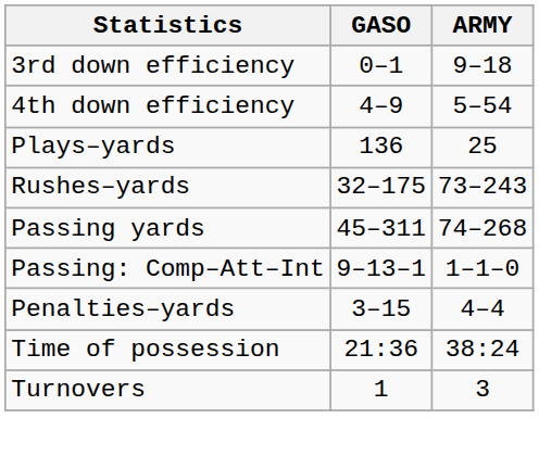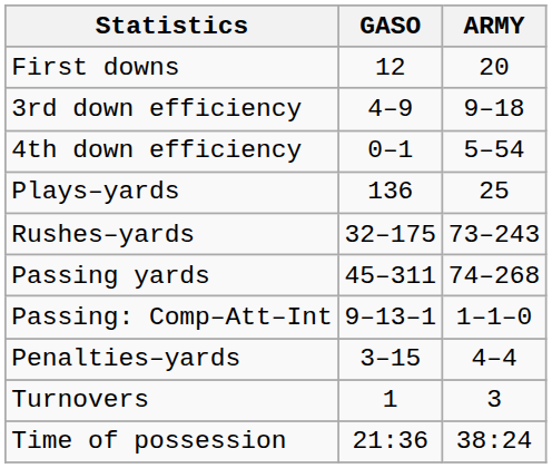 <table class="wikitable">
 <tr>
 <th>Statistics</th>
 <th>GASO</th>
 <th>ARMY</th>
 </tr>
 <tr>
+<td>First downs</td>
+<td align=center>12</td>
+<td align=center>20</td>
+</tr>
+<tr>
 <td>3rd down efficiency</td>
-<td align=center>0–1</td>
+<td align=center>4–9</td>
 <td align=center>9–18</td>
 </tr>
 <tr>
 <td>4th down efficiency</td>
-<td align=center>4–9</td>
+<td align=center>0–1</td>
 <td align=center>5–54</td>
 </tr>
 <tr>
 <td>Plays–yards</td>
 <td align=center>136</td>
 <td align=center>25</td>
 </tr>
 <tr>
 <td>Rushes–yards</td>
 <td align=center>32–175</td>
 <td align=center>73–243</td>
 </tr>
 <tr>
 <td>Passing yards</td>
 <td align=center>45–311</td>
 <td align=center>74–268</td>
 </tr>
 <tr>
 <td>Passing: Comp–Att–Int</td>
 <td align=center>9–13–1</td>
 <td align=center>1–1–0</td>
 </tr>
 <tr>
 <td>Penalties–yards</td>
 <td align=center>3–15</td>
 <td align=center>4–4</td>
 </tr>
 <tr>
+<td>Turnovers</td>
+<td align=center>1</td>
+<td align=center>3</td>
+</tr>
+<tr>
 <td>Time of possession</td>
 <td align=center>21:36</td>
 <td align=center>38:24</td>
 </tr>
-<tr>
-<td>Turnovers</td>
-<td align=center>1</td>
-<td align=center>3</td>
-</tr>
 </table>
